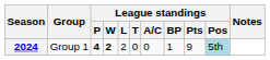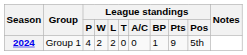 <table class="wikitable sortable">
 <tr>
 <th scope="col" rowspan="2">Season</th>
 <th scope="col" rowspan="2">Group</th>
 <th scope="col" colspan="8">League standings</th>
 <th scope="col" rowspan="2">Notes</th>
 </tr>
 <tr>
 <th scope="col">P</th>
 <th scope="col">W</th>
 <th scope="col">L</th>
 <th scope="col">T</th>
 <th scope="col">A/C</th>
 <th scope="col">BP</th>
 <th scope="col">Pts</th>
 <th scope="col">Pos</th>
 </tr>
 <tr>
 <th scope="row"><a href='#'>2024</a></th>
 <td>Group 1</td>
-<td><strong>4</strong></td>
-<td><strong>2</strong></td>
+<td>4</td>
+<td>2</td>
 <td>2</td>
 <td>0</td>
 <td>0</td>
 <td>1</td>
 <td>9</td>
-<td style="background: lightblue;">5th</td>
+<td>5th</td>
 <td style="background: white;"></td>
 </tr>
 </table>
